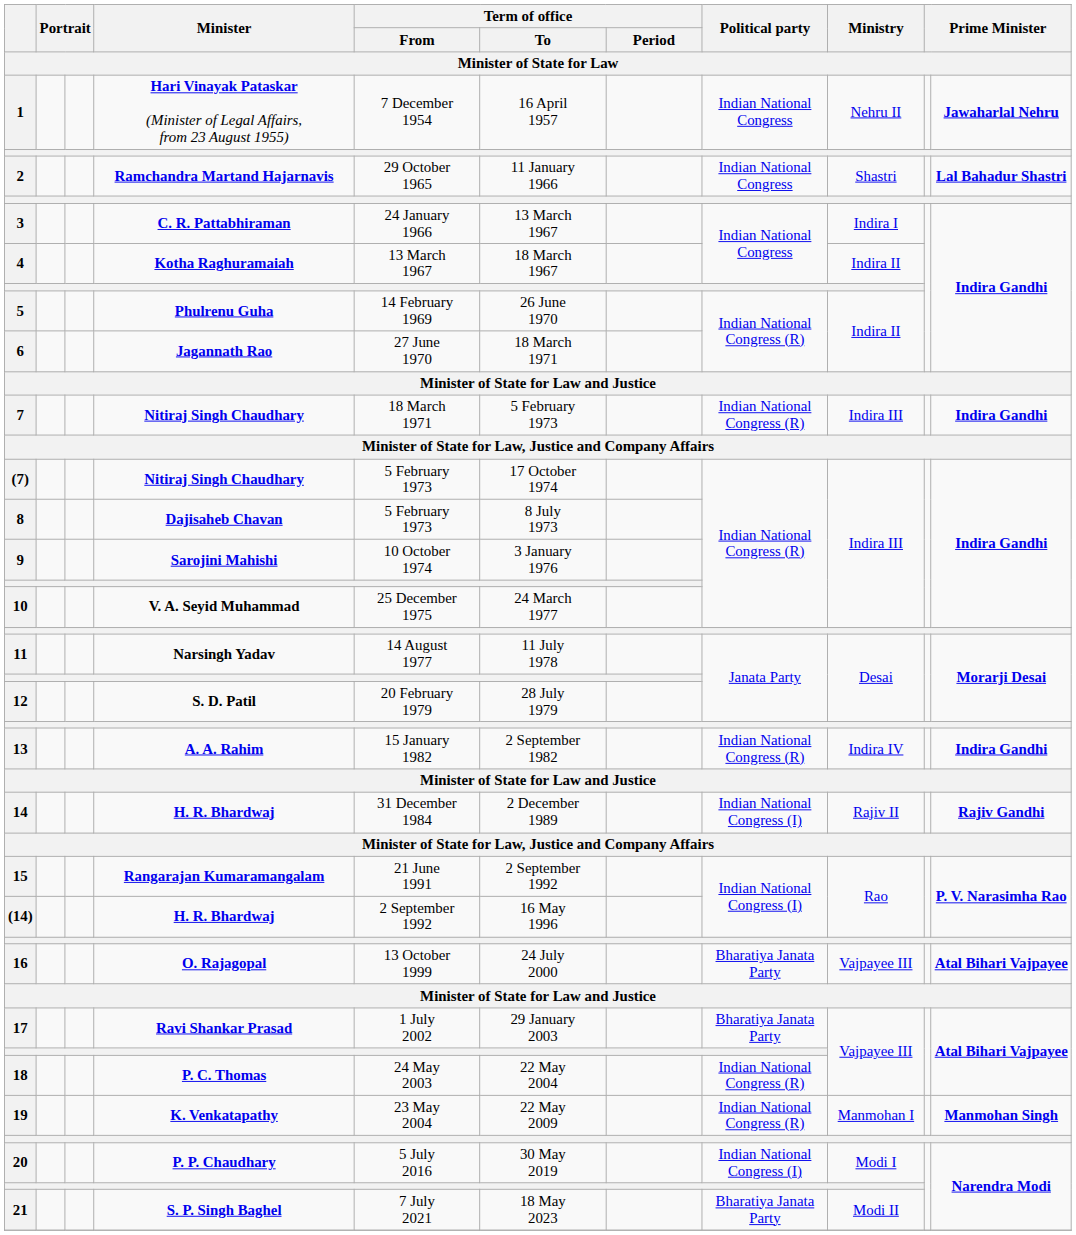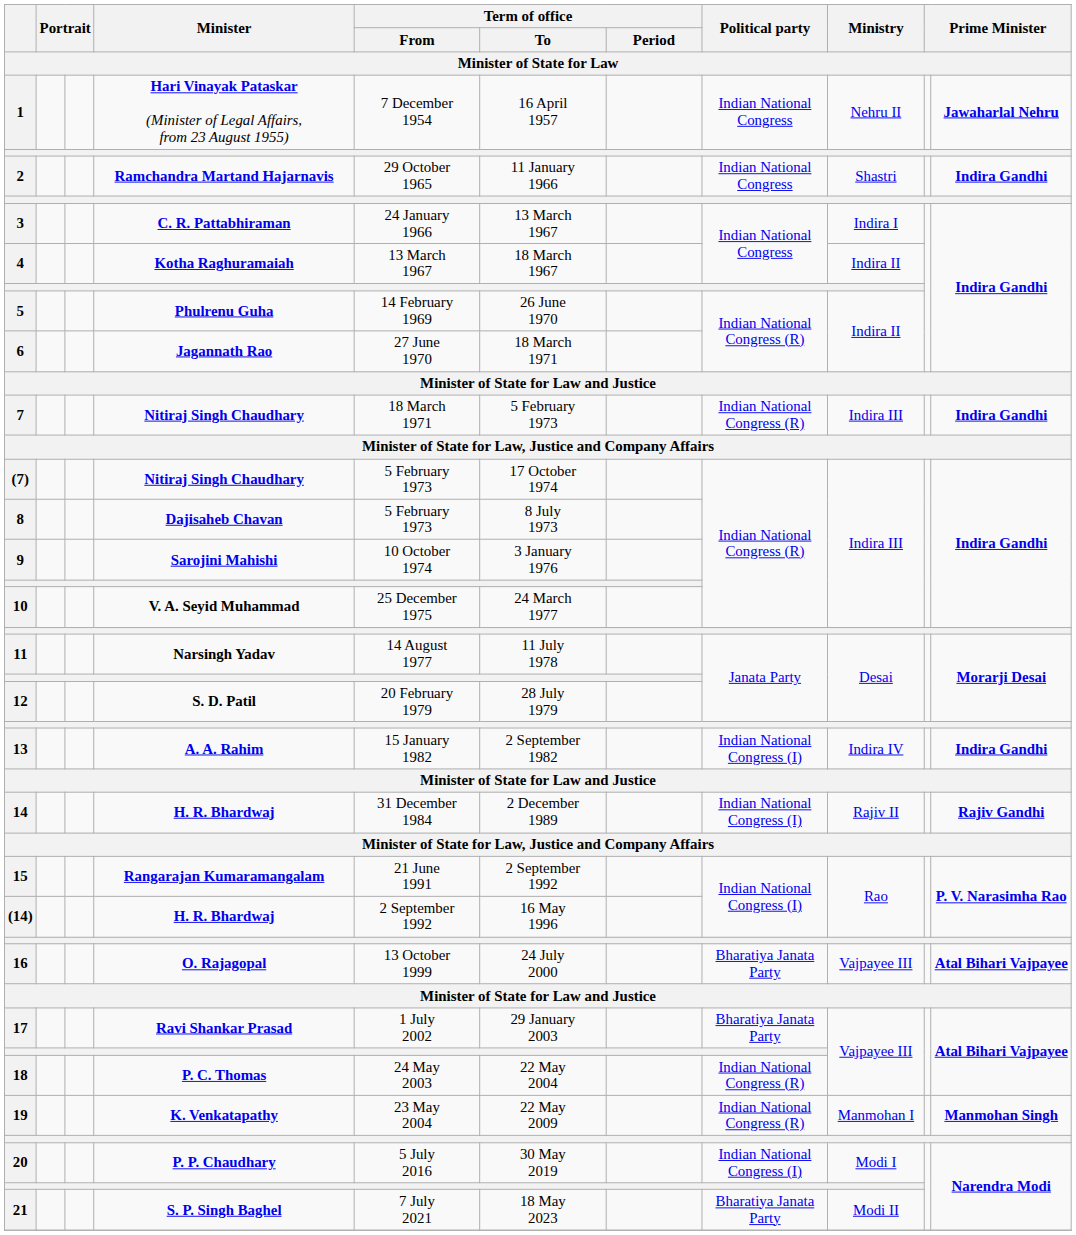 <table class="wikitable" style="text-align:center">
 <tr>
 <th rowspan="2"></th>
 <th rowspan="2" colspan="2">Portrait</th>
 <th rowspan="2" style="width:17em">Minister<br></th>
 <th colspan="3">Term of office</th>
 <th rowspan="2" style="width:8em">Political party</th>
 <th rowspan="2" style="width:6em">Ministry</th>
 <th rowspan="2" colspan="2">Prime Minister</th>
 </tr>
 <tr>
 <th style="width:8em">From</th>
 <th style="width:8em">To</th>
 <th style="width:6em">Period</th>
 </tr>
 <tr>
 <th colspan="11">Minister of State for Law</th>
 </tr>
 <tr>
 <th>1</th>
 <td></td>
 <td></td>
 <td><strong><a href='#'>Hari Vinayak Pataskar</a></strong><br><br><em>(Minister of Legal Affairs,<br>from 23 August 1955)</em></td>
 <td>7 December<br>1954</td>
 <td>16 April<br>1957</td>
 <td><strong></strong></td>
 <td><a href='#'>Indian National Congress</a></td>
 <td><a href='#'>Nehru II</a></td>
 <td></td>
 <td style="width:9em"><strong><a href='#'>Jawaharlal Nehru</a></strong></td>
 </tr>
 <tr>
 <th colspan="11"></th>
 </tr>
 <tr>
 <th>2</th>
 <td></td>
 <td></td>
 <td><strong><a href='#'>Ramchandra Martand Hajarnavis</a></strong><br></td>
 <td>29 October<br>1965</td>
 <td>11 January<br>1966</td>
 <td><strong></strong></td>
 <td><a href='#'>Indian National Congress</a></td>
 <td><a href='#'>Shastri</a></td>
 <td></td>
-<td><strong><a href='#'>Lal Bahadur Shastri</a></strong></td>
+<td><strong><a href='#'>Indira Gandhi</a></strong></td>
 </tr>
 <tr>
 <th colspan="11"></th>
 </tr>
 <tr>
 <th>3</th>
 <td></td>
 <td></td>
 <td><strong><a href='#'>C. R. Pattabhiraman</a></strong><br></td>
 <td>24 January<br>1966</td>
 <td>13 March<br>1967</td>
 <td><strong></strong></td>
 <td rowspan="2"><a href='#'>Indian National Congress</a></td>
 <td><a href='#'>Indira I</a></td>
 <td rowspan="5"></td>
 <td rowspan="5"><strong><a href='#'>Indira Gandhi</a></strong></td>
 </tr>
 <tr>
 <th>4</th>
 <td></td>
 <td></td>
 <td><strong><a href='#'>Kotha Raghuramaiah</a></strong><br></td>
 <td>13 March<br>1967</td>
 <td>18 March<br>1967</td>
 <td><strong></strong></td>
 <td><a href='#'>Indira II</a></td>
 </tr>
 <tr>
 <th colspan="9"></th>
 </tr>
 <tr>
 <th>5</th>
 <td></td>
 <td></td>
 <td><strong><a href='#'>Phulrenu Guha</a></strong><br></td>
 <td>14 February<br>1969</td>
 <td>26 June<br>1970</td>
 <td><strong></strong></td>
 <td rowspan="2"><a href='#'>Indian National Congress (R)</a></td>
 <td rowspan="2"><a href='#'>Indira II</a></td>
 </tr>
 <tr>
 <th>6</th>
 <td></td>
 <td></td>
 <td><strong><a href='#'>Jagannath Rao</a></strong><br></td>
 <td>27 June<br>1970</td>
 <td>18 March<br>1971</td>
 <td><strong></strong></td>
 </tr>
 <tr>
 <th colspan="11">Minister of State for Law and Justice</th>
 </tr>
 <tr>
 <th>7</th>
 <td></td>
 <td></td>
 <td><strong><a href='#'>Nitiraj Singh Chaudhary</a></strong><br></td>
 <td>18 March<br>1971</td>
 <td>5 February<br>1973</td>
 <td><strong></strong></td>
 <td><a href='#'>Indian National Congress (R)</a></td>
 <td><a href='#'>Indira III</a></td>
 <td></td>
 <td><strong><a href='#'>Indira Gandhi</a></strong></td>
 </tr>
 <tr>
 <th colspan="11">Minister of State for Law, Justice and Company Affairs</th>
 </tr>
 <tr>
 <th>(7)</th>
 <td></td>
 <td></td>
 <td><strong><a href='#'>Nitiraj Singh Chaudhary</a></strong><br></td>
 <td>5 February<br>1973</td>
 <td>17 October<br>1974</td>
 <td><strong></strong></td>
 <td rowspan="5"><a href='#'>Indian National Congress (R)</a></td>
 <td rowspan="5"><a href='#'>Indira III</a></td>
 <td rowspan="5"></td>
 <td rowspan="5"><strong><a href='#'>Indira Gandhi</a></strong></td>
 </tr>
 <tr>
 <th>8</th>
 <td></td>
 <td></td>
 <td><strong><a href='#'>Dajisaheb Chavan</a></strong><br></td>
 <td>5 February<br>1973</td>
 <td>8 July<br>1973<br></td>
 <td><strong></strong></td>
 </tr>
 <tr>
 <th>9</th>
 <td></td>
 <td></td>
 <td><strong><a href='#'>Sarojini Mahishi</a></strong><br></td>
 <td>10 October<br>1974</td>
 <td>3 January<br>1976</td>
 <td><strong></strong></td>
 </tr>
 <tr>
 <th colspan="7"></th>
 </tr>
 <tr>
 <th>10</th>
 <td></td>
 <td></td>
 <td><strong>V. A. Seyid Muhammad</strong><br></td>
 <td>25 December<br>1975</td>
 <td>24 March<br>1977</td>
 <td><strong></strong></td>
 </tr>
 <tr>
 <th colspan="11"></th>
 </tr>
 <tr>
 <th>11</th>
 <td></td>
 <td></td>
 <td><strong>Narsingh Yadav</strong><br></td>
 <td>14 August<br>1977</td>
 <td>11 July<br>1978</td>
 <td><strong></strong></td>
 <td rowspan="3"><a href='#'>Janata Party</a></td>
 <td rowspan="3"><a href='#'>Desai</a></td>
 <td rowspan="3"></td>
 <td rowspan="3"><strong><a href='#'>Morarji Desai</a></strong></td>
 </tr>
 <tr>
 <th colspan="7"></th>
 </tr>
 <tr>
 <th>12</th>
 <td></td>
 <td></td>
 <td><strong>S. D. Patil</strong><br></td>
 <td>20 February<br>1979</td>
 <td>28 July<br>1979</td>
 <td><strong></strong></td>
 </tr>
 <tr>
 <th colspan="11"></th>
 </tr>
 <tr>
 <th>13</th>
 <td></td>
 <td></td>
 <td><strong><a href='#'>A. A. Rahim</a></strong><br></td>
 <td>15 January<br>1982</td>
 <td>2 September<br>1982</td>
 <td><strong></strong></td>
-<td><a href='#'>Indian National Congress (R)</a></td>
+<td><a href='#'>Indian National Congress (I)</a></td>
 <td><a href='#'>Indira IV</a></td>
 <td></td>
 <td><strong><a href='#'>Indira Gandhi</a></strong></td>
 </tr>
 <tr>
 <th colspan="11">Minister of State for Law and Justice</th>
 </tr>
 <tr>
 <th>14</th>
 <td></td>
 <td></td>
 <td><strong><a href='#'>H. R. Bhardwaj</a></strong><br></td>
 <td>31 December<br>1984</td>
 <td>2 December<br>1989</td>
 <td><strong></strong></td>
 <td><a href='#'>Indian National Congress (I)</a></td>
 <td><a href='#'>Rajiv II</a></td>
 <td></td>
 <td><strong><a href='#'>Rajiv Gandhi</a></strong></td>
 </tr>
 <tr>
 <th colspan="11">Minister of State for Law, Justice and Company Affairs</th>
 </tr>
 <tr>
 <th>15</th>
 <td></td>
 <td></td>
 <td><strong><a href='#'>Rangarajan Kumaramangalam</a></strong><br></td>
 <td>21 June<br>1991</td>
 <td>2 September<br>1992</td>
 <td><strong></strong></td>
 <td rowspan="2"><a href='#'>Indian National Congress (I)</a></td>
 <td rowspan="2"><a href='#'>Rao</a></td>
 <td rowspan="2"></td>
 <td rowspan="2"><strong><a href='#'>P. V. Narasimha Rao</a></strong></td>
 </tr>
 <tr>
 <th>(14)</th>
 <td></td>
 <td></td>
 <td><strong><a href='#'>H. R. Bhardwaj</a></strong><br></td>
 <td>2 September<br>1992</td>
 <td>16 May<br>1996</td>
 <td><strong></strong></td>
 </tr>
 <tr>
 <th colspan="11"></th>
 </tr>
 <tr>
 <th>16</th>
 <td></td>
 <td></td>
 <td><strong><a href='#'>O. Rajagopal</a></strong><br></td>
 <td>13 October<br>1999</td>
 <td>24 July<br>2000</td>
 <td><strong></strong></td>
 <td><a href='#'>Bharatiya Janata Party</a></td>
 <td><a href='#'>Vajpayee III</a></td>
 <td></td>
 <td><strong><a href='#'>Atal Bihari Vajpayee</a></strong></td>
 </tr>
 <tr>
 <th colspan="11">Minister of State for Law and Justice</th>
 </tr>
 <tr>
 <th>17</th>
 <td></td>
 <td></td>
 <td><strong><a href='#'>Ravi Shankar Prasad</a></strong><br></td>
 <td>1 July<br>2002</td>
 <td>29 January<br>2003</td>
 <td><strong></strong></td>
 <td><a href='#'>Bharatiya Janata Party</a></td>
 <td rowspan="3"><a href='#'>Vajpayee III</a></td>
 <td rowspan="3"></td>
 <td rowspan="3"><strong><a href='#'>Atal Bihari Vajpayee</a></strong></td>
 </tr>
 <tr>
 <th colspan="8"></th>
 </tr>
 <tr>
 <th>18</th>
 <td></td>
 <td></td>
 <td><strong><a href='#'>P. C. Thomas</a></strong><br></td>
 <td>24 May<br>2003</td>
 <td>22 May<br>2004</td>
 <td><strong></strong></td>
 <td><a href='#'>Indian National Congress (R)</a></td>
 </tr>
 <tr>
 <th>19</th>
 <td></td>
 <td></td>
 <td><strong><a href='#'>K. Venkatapathy</a></strong><br></td>
 <td>23 May<br>2004</td>
 <td>22 May<br>2009</td>
 <td><strong></strong></td>
 <td><a href='#'>Indian National Congress (R)</a></td>
 <td><a href='#'>Manmohan I</a></td>
 <td></td>
 <td><strong><a href='#'>Manmohan Singh</a></strong></td>
 </tr>
 <tr>
 <th colspan="11"></th>
 </tr>
 <tr>
 <th>20</th>
 <td></td>
 <td></td>
 <td><strong><a href='#'>P. P. Chaudhary</a></strong><br></td>
 <td>5 July<br>2016</td>
 <td>30 May<br>2019</td>
 <td><strong></strong></td>
 <td><a href='#'>Indian National Congress (I)</a></td>
 <td><a href='#'>Modi I</a></td>
 <td rowspan="3"></td>
 <td rowspan="3"><strong><a href='#'>Narendra Modi</a></strong></td>
 </tr>
 <tr>
 <th colspan="9"></th>
 </tr>
 <tr>
 <th>21</th>
 <td></td>
 <td></td>
 <td><strong><a href='#'>S. P. Singh Baghel</a></strong><br></td>
 <td>7 July<br>2021</td>
 <td>18 May<br>2023</td>
 <td><strong></strong></td>
 <td><a href='#'>Bharatiya Janata Party</a></td>
 <td><a href='#'>Modi II</a></td>
 </tr>
 <tr>
 </tr>
 </table>
